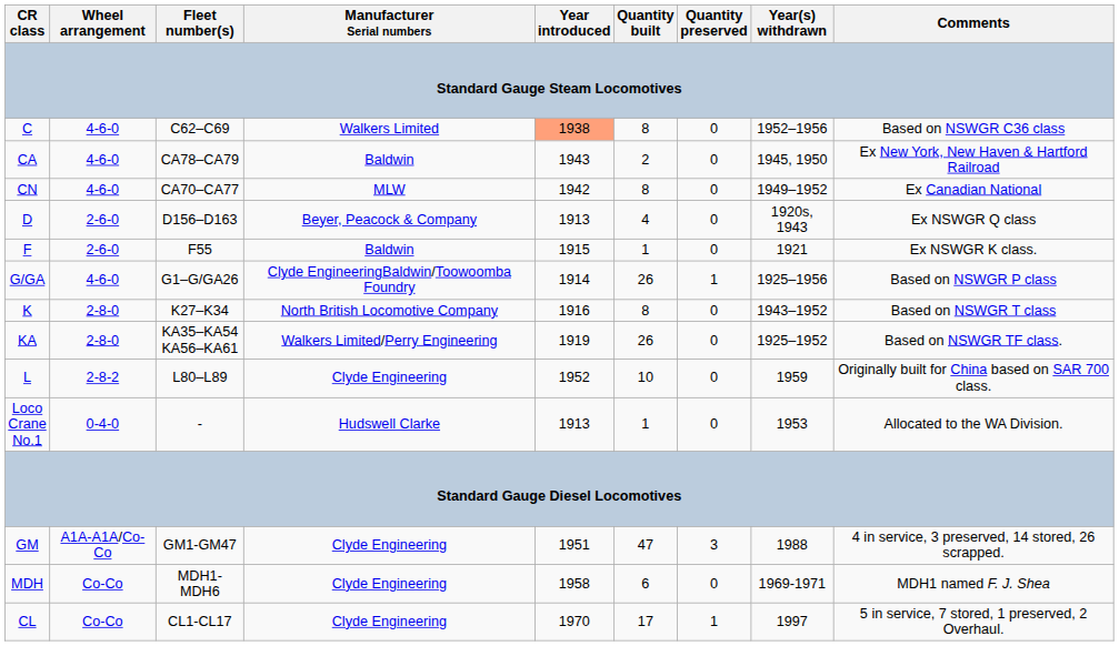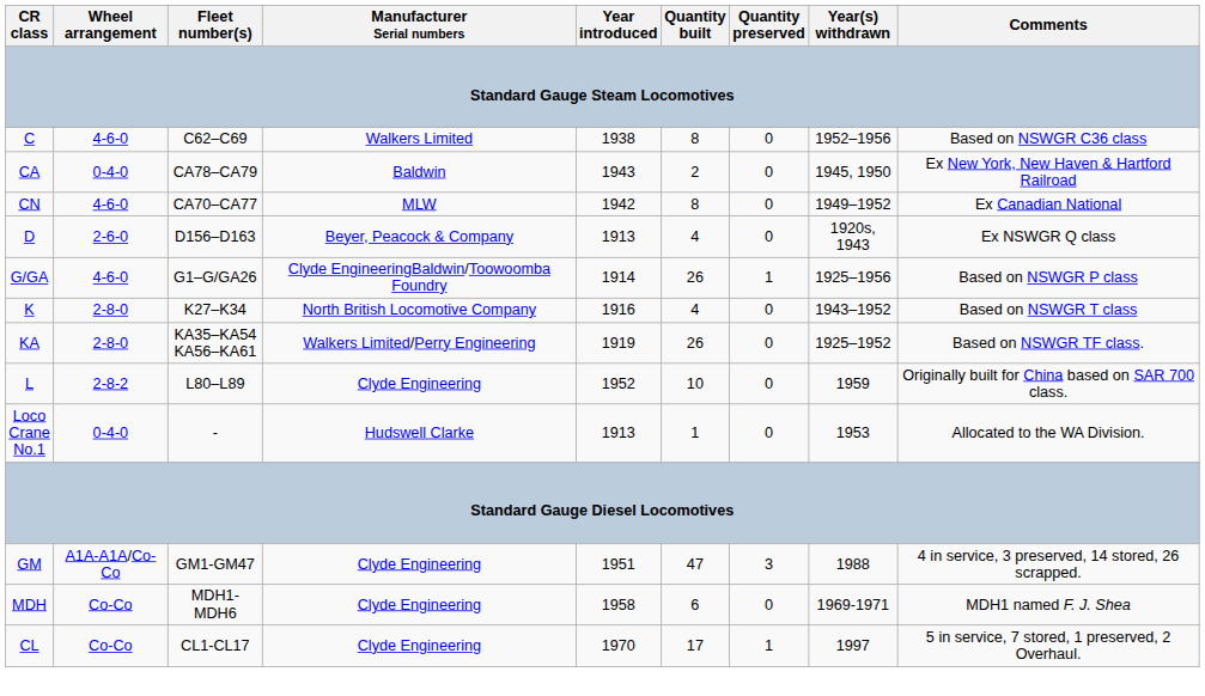 <table class="wikitable" style="text-align:center; width: 100%">
 <tr>
 <th>CR<br>class</th>
 <th>Wheel<br>arrangement</th>
 <th>Fleet<br>number(s)</th>
 <th>Manufacturer<br><small>Serial numbers</small></th>
 <th>Year<br>introduced</th>
 <th>Quantity<br>built</th>
 <th>Quantity<br>preserved</th>
 <th>Year(s)<br>withdrawn</th>
 <th>Comments</th>
 </tr>
 <tr style="background:#bcd;">
 <td colspan="9"><br><h4>Standard Gauge Steam Locomotives</h4></td>
 </tr>
 <tr>
 <td><a href='#'>C</a></td>
 <td><a href='#'>4-6-0</a></td>
 <td>C62–C69</td>
 <td><a href='#'>Walkers Limited</a></td>
-<td style="background: lightsalmon;">1938</td>
+<td>1938</td>
 <td>8</td>
 <td>0</td>
 <td>1952–1956</td>
 <td>Based on <a href='#'>NSWGR C36 class</a></td>
 </tr>
 <tr>
 <td><a href='#'>CA</a></td>
-<td><a href='#'>4-6-0</a></td>
+<td><a href='#'>0-4-0</a></td>
 <td>CA78–CA79</td>
 <td><a href='#'>Baldwin</a></td>
 <td>1943</td>
 <td>2</td>
 <td>0</td>
 <td>1945, 1950</td>
 <td>Ex <a href='#'>New York, New Haven & Hartford Railroad</a></td>
 </tr>
 <tr>
 <td><a href='#'>CN</a></td>
 <td><a href='#'>4-6-0</a></td>
 <td>CA70–CA77</td>
 <td><a href='#'>MLW</a></td>
 <td>1942</td>
 <td>8</td>
 <td>0</td>
 <td>1949–1952</td>
 <td>Ex <a href='#'>Canadian National</a></td>
 </tr>
 <tr>
 <td class=""><a href='#'>D</a></td>
 <td><a href='#'>2-6-0</a></td>
 <td>D156–D163</td>
 <td><a href='#'>Beyer, Peacock & Company</a></td>
 <td>1913</td>
 <td>4</td>
 <td>0</td>
 <td>1920s, 1943</td>
 <td>Ex NSWGR Q class</td>
 </tr>
 <tr>
-<td><a href='#'>F</a></td>
-<td><a href='#'>2-6-0</a></td>
-<td>F55</td>
-<td><a href='#'>Baldwin</a></td>
-<td>1915</td>
-<td>1</td>
-<td>0</td>
-<td>1921</td>
-<td>Ex NSWGR K class.</td>
-</tr>
-<tr>
 <td><a href='#'>G/GA</a></td>
 <td><a href='#'>4-6-0</a></td>
 <td>G1–G/GA26</td>
 <td><a href='#'>Clyde Engineering</a><a href='#'>Baldwin</a>/<a href='#'>Toowoomba Foundry</a></td>
 <td>1914</td>
 <td>26</td>
 <td>1</td>
 <td>1925–1956</td>
 <td>Based on <a href='#'>NSWGR P class</a></td>
 </tr>
 <tr>
 <td><a href='#'>K</a></td>
 <td><a href='#'>2-8-0</a></td>
 <td>K27–K34</td>
 <td><a href='#'>North British Locomotive Company</a></td>
 <td>1916</td>
-<td>8</td>
+<td>4</td>
 <td>0</td>
 <td>1943–1952</td>
 <td>Based on <a href='#'>NSWGR T class</a></td>
 </tr>
 <tr>
 <td><a href='#'>KA</a></td>
 <td><a href='#'>2-8-0</a></td>
 <td>KA35–KA54<br>KA56–KA61</td>
 <td><a href='#'>Walkers Limited</a>/<a href='#'>Perry Engineering</a></td>
 <td>1919</td>
 <td>26</td>
 <td>0</td>
 <td>1925–1952</td>
 <td>Based on <a href='#'>NSWGR TF class</a>.</td>
 </tr>
 <tr>
 <td><a href='#'>L</a></td>
 <td><a href='#'>2-8-2</a></td>
 <td>L80–L89</td>
 <td><a href='#'>Clyde Engineering</a></td>
 <td>1952</td>
 <td>10</td>
 <td>0</td>
 <td>1959</td>
 <td>Originally built for <a href='#'>China</a> based on <a href='#'>SAR 700</a> class.</td>
 </tr>
 <tr>
 <td><a href='#'>Loco</a><br><a href='#'>Crane</a><br><a href='#'>No.1</a></td>
 <td><a href='#'>0-4-0</a></td>
 <td>-</td>
 <td><a href='#'>Hudswell Clarke</a></td>
 <td>1913</td>
 <td>1</td>
 <td>0</td>
 <td>1953</td>
 <td>Allocated to the WA Division.</td>
 </tr>
 <tr style="background:#bcd;">
 <td colspan="9"><br><h4>Standard Gauge Diesel Locomotives</h4></td>
 </tr>
 <tr>
 <td><a href='#'>GM</a></td>
 <td><a href='#'>A1A-A1A</a>/<a href='#'>Co-Co</a></td>
 <td>GM1-GM47</td>
 <td><a href='#'>Clyde Engineering</a></td>
 <td>1951</td>
 <td>47</td>
 <td>3</td>
 <td>1988</td>
 <td>4 in service, 3 preserved, 14 stored, 26 scrapped.</td>
 </tr>
 <tr>
 <td><a href='#'>MDH</a></td>
 <td><a href='#'>Co-Co</a></td>
 <td>MDH1-MDH6</td>
 <td><a href='#'>Clyde Engineering</a></td>
 <td>1958</td>
 <td>6</td>
 <td>0</td>
 <td>1969-1971</td>
 <td>MDH1 named <em>F. J. Shea</em></td>
 </tr>
 <tr>
 <td><a href='#'>CL</a></td>
 <td><a href='#'>Co-Co</a></td>
 <td>CL1-CL17</td>
 <td><a href='#'>Clyde Engineering</a></td>
 <td>1970</td>
 <td>17</td>
 <td>1</td>
 <td>1997</td>
 <td>5 in service, 7 stored, 1 preserved, 2 Overhaul.</td>
 </tr>
 </table>
